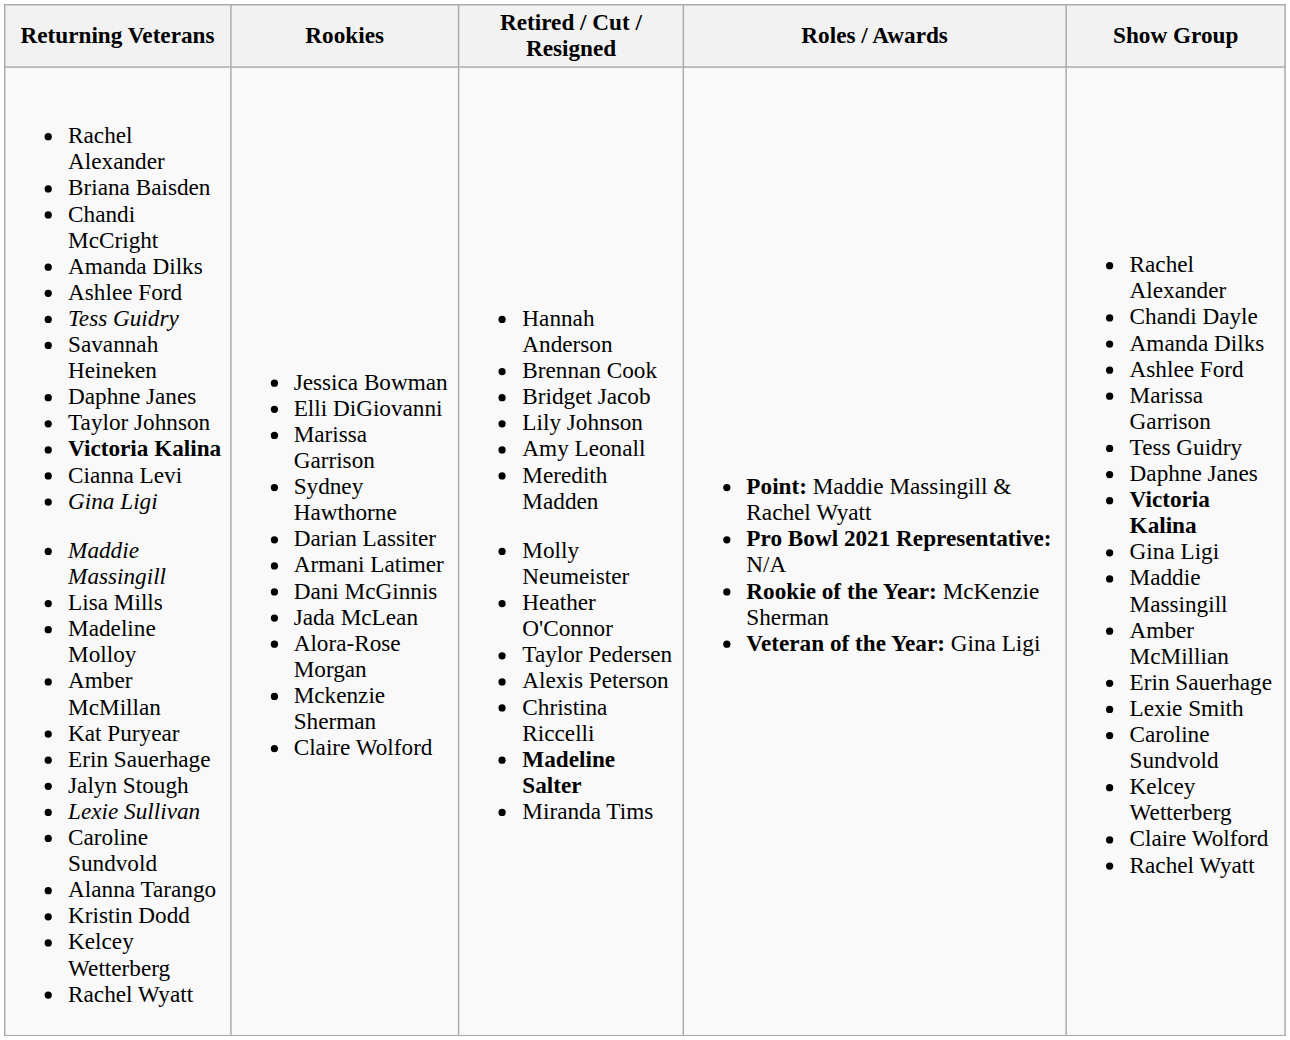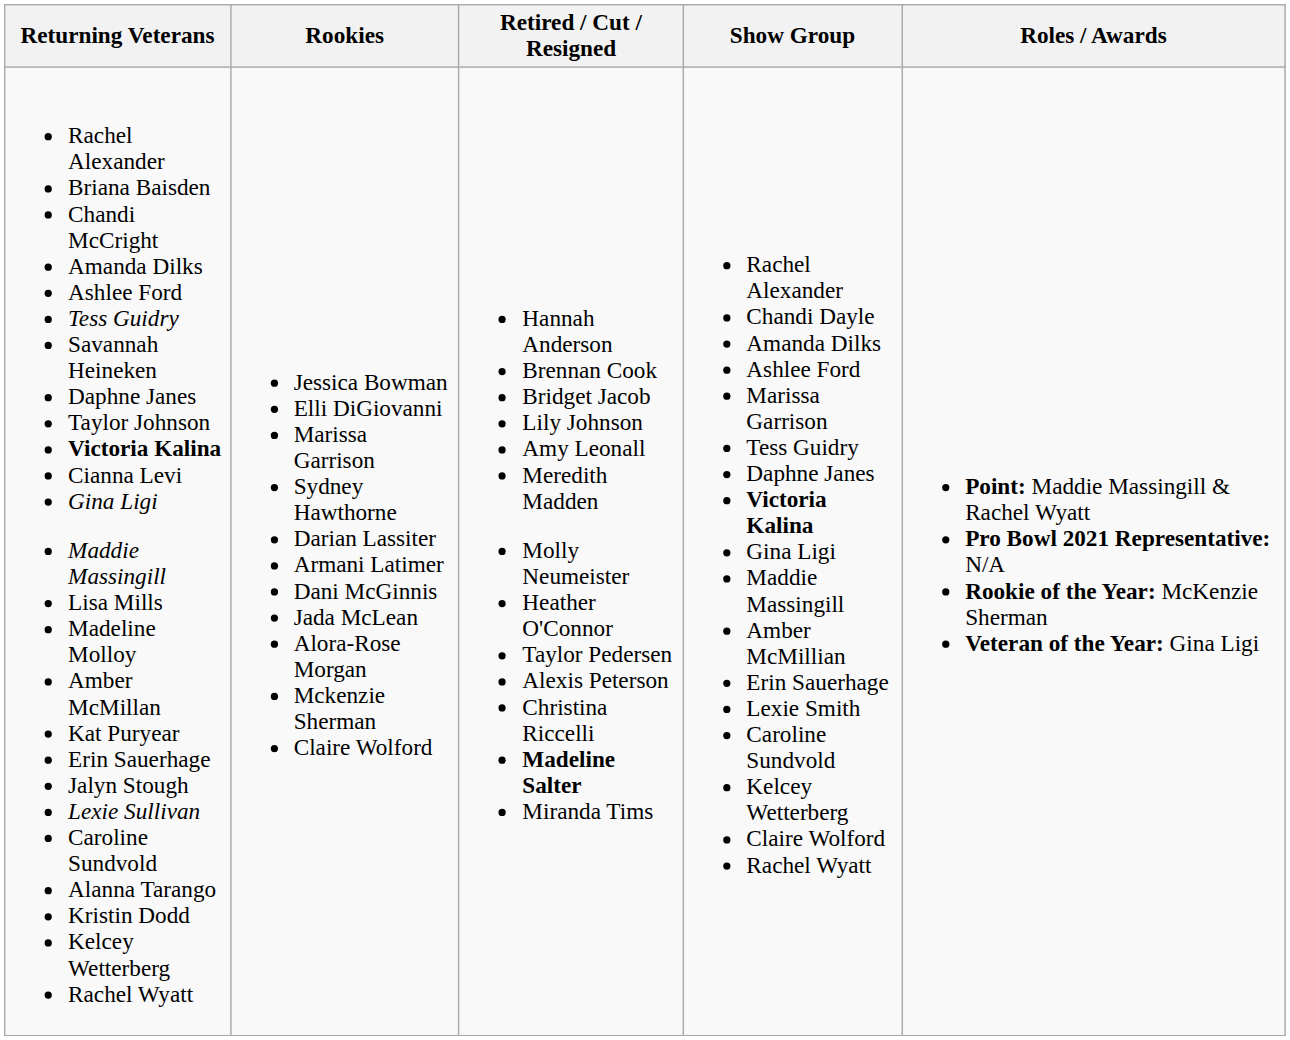 <table class="wikitable" style="width:100%;">
 <tr>
 <th>Returning Veterans</th>
 <th>Rookies</th>
 <th>Retired / Cut / Resigned</th>
+<th>Show Group</th>
 <th>Roles / Awards</th>
-<th>Show Group</th>
 </tr>
 <tr>
 <td><br><ul><li>Rachel Alexander</li><li>Briana Baisden</li><li>Chandi McCright</li><li>Amanda Dilks</li><li>Ashlee Ford</li><li><em>Tess Guidry</em></li><li>Savannah Heineken</li><li>Daphne Janes</li><li>Taylor Johnson</li><li><strong>Victoria Kalina</strong></li><li>Cianna Levi</li><li><em>Gina Ligi</em></li></ul><ul><li><em>Maddie Massingill</em></li><li>Lisa Mills</li><li>Madeline Molloy</li><li>Amber McMillan</li><li>Kat Puryear</li><li>Erin Sauerhage</li><li>Jalyn Stough</li><li><em>Lexie Sullivan</em></li><li>Caroline Sundvold</li><li>Alanna Tarango</li><li>Kristin Dodd</li><li>Kelcey Wetterberg</li><li>Rachel Wyatt</li></ul></td>
 <td><br><ul><li>Jessica Bowman</li><li>Elli DiGiovanni</li><li>Marissa Garrison</li><li>Sydney Hawthorne</li><li>Darian Lassiter</li><li>Armani Latimer</li><li>Dani McGinnis</li><li>Jada McLean</li><li>Alora-Rose Morgan</li><li>Mckenzie Sherman</li><li>Claire Wolford</li></ul></td>
 <td><br><ul><li>Hannah Anderson </li><li>Brennan Cook </li><li>Bridget Jacob </li><li>Lily Johnson </li><li>Amy Leonall </li><li>Meredith Madden </li></ul><ul><li>Molly Neumeister </li><li>Heather O'Connor </li><li>Taylor Pedersen </li><li>Alexis Peterson </li><li>Christina Riccelli </li><li><strong>Madeline Salter</strong> </li><li>Miranda Tims </li></ul></td>
+<td><br><ul><li>Rachel Alexander</li><li>Chandi Dayle</li><li>Amanda Dilks</li><li>Ashlee Ford</li><li>Marissa Garrison</li><li>Tess Guidry</li><li>Daphne Janes</li><li><strong>Victoria Kalina</strong></li><li>Gina Ligi</li><li>Maddie Massingill</li><li>Amber McMillian</li><li>Erin Sauerhage</li><li>Lexie Smith</li><li>Caroline Sundvold</li><li>Kelcey Wetterberg</li><li>Claire Wolford</li><li>Rachel Wyatt</li></ul></td>
 <td><br><ul><li><strong>Point:</strong> Maddie Massingill & Rachel Wyatt</li><li><strong>Pro Bowl 2021 Representative:</strong> N/A</li><li><strong>Rookie of the Year:</strong> McKenzie Sherman</li><li><strong>Veteran of the Year:</strong> Gina Ligi</li></ul></td>
-<td><br><ul><li>Rachel Alexander</li><li>Chandi Dayle</li><li>Amanda Dilks</li><li>Ashlee Ford</li><li>Marissa Garrison</li><li>Tess Guidry</li><li>Daphne Janes</li><li><strong>Victoria Kalina</strong></li><li>Gina Ligi</li><li>Maddie Massingill</li><li>Amber McMillian</li><li>Erin Sauerhage</li><li>Lexie Smith</li><li>Caroline Sundvold</li><li>Kelcey Wetterberg</li><li>Claire Wolford</li><li>Rachel Wyatt</li></ul></td>
 </tr>
 </table>
